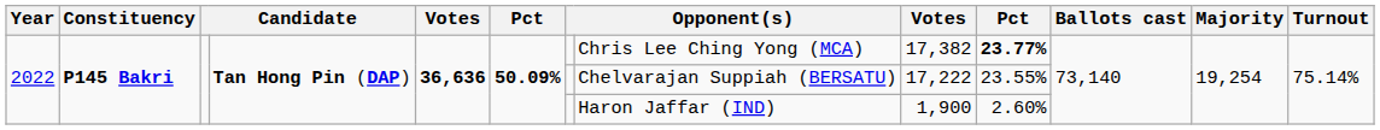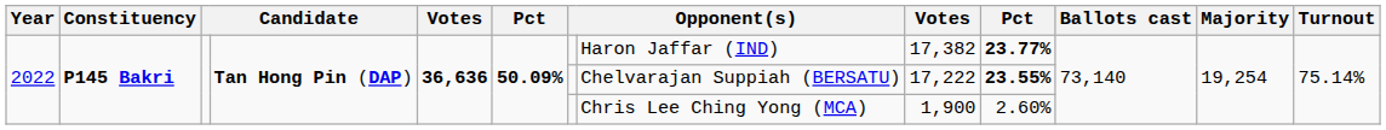 <table class="wikitable" style="margin:0.5em ; font-size:95%">
 <tr>
 <th>Year</th>
 <th>Constituency</th>
 <th colspan=2>Candidate</th>
 <th>Votes</th>
 <th>Pct</th>
 <th colspan=2>Opponent(s)</th>
 <th>Votes</th>
 <th>Pct</th>
 <th>Ballots cast</th>
 <th>Majority</th>
 <th>Turnout</th>
 </tr>
 <tr>
 <td rowspan="3"><a href='#'>2022</a></td>
 <td rowspan="3"><strong>P145 <a href='#'>Bakri</a></strong></td>
 <td rowspan="3" ></td>
 <td rowspan="3"><strong>Tan Hong Pin</strong> (<a href='#'><strong>DAP</strong></a>)</td>
 <td rowspan="3" align=right><strong>36,636</strong></td>
 <td rowspan="3"><strong>50.09%</strong></td>
 <td></td>
-<td>Chris Lee Ching Yong (<a href='#'>MCA</a>)</td>
+<td>Haron Jaffar (<a href='#'>IND</a>)</td>
 <td align=right>17,382</td>
 <td><strong>23.77%</strong></td>
 <td rowspan="3">73,140</td>
 <td rowspan="3">19,254</td>
 <td rowspan="3">75.14%</td>
 </tr>
 <tr>
 <td bgcolor=></td>
 <td>Chelvarajan Suppiah (<a href='#'>BERSATU</a>)</td>
 <td align=right>17,222</td>
-<td>23.55%</td>
+<td><strong>23.55%</strong></td>
 </tr>
 <tr>
 <td></td>
-<td>Haron Jaffar (<a href='#'>IND</a>)</td>
+<td>Chris Lee Ching Yong (<a href='#'>MCA</a>)</td>
 <td align=right>1,900</td>
 <td align=right>2.60%</td>
 </tr>
 </table>
